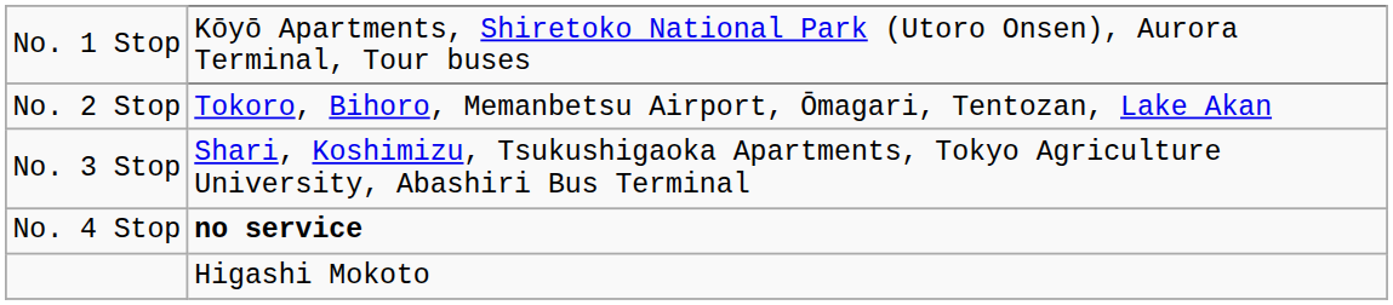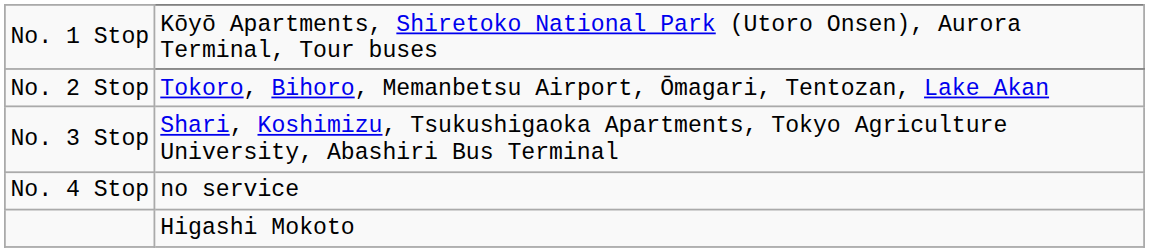 <table class="wikitable">
 <tr>
 <td>No. 1 Stop</td>
 <td width=550 style="border-top:solid 1px gray; border-bottom:solid 1px gray;">Kōyō Apartments, <a href='#'>Shiretoko National Park</a> (Utoro Onsen), Aurora Terminal, Tour buses</td>
 </tr>
 <tr>
 <td>No. 2 Stop</td>
 <td><a href='#'>Tokoro</a>, <a href='#'>Bihoro</a>, Memanbetsu Airport, Ōmagari, Tentozan, <a href='#'>Lake Akan</a></td>
 </tr>
 <tr>
 <td>No. 3 Stop</td>
 <td><a href='#'>Shari</a>, <a href='#'>Koshimizu</a>, Tsukushigaoka Apartments, Tokyo Agriculture University, Abashiri Bus Terminal</td>
 </tr>
 <tr>
 <td>No. 4 Stop</td>
-<td><strong>no service</strong></td>
+<td>no service</td>
 </tr>
 <tr>
 <td> </td>
 <td>Higashi Mokoto</td>
 </tr>
 </table>
